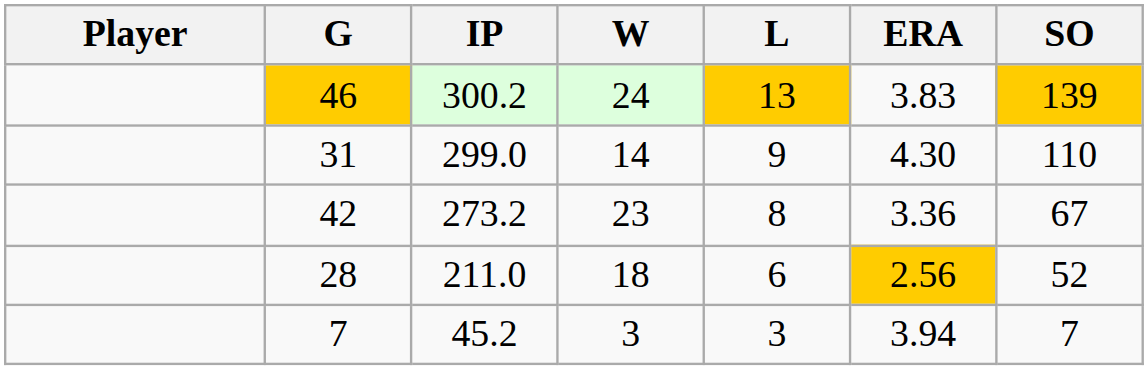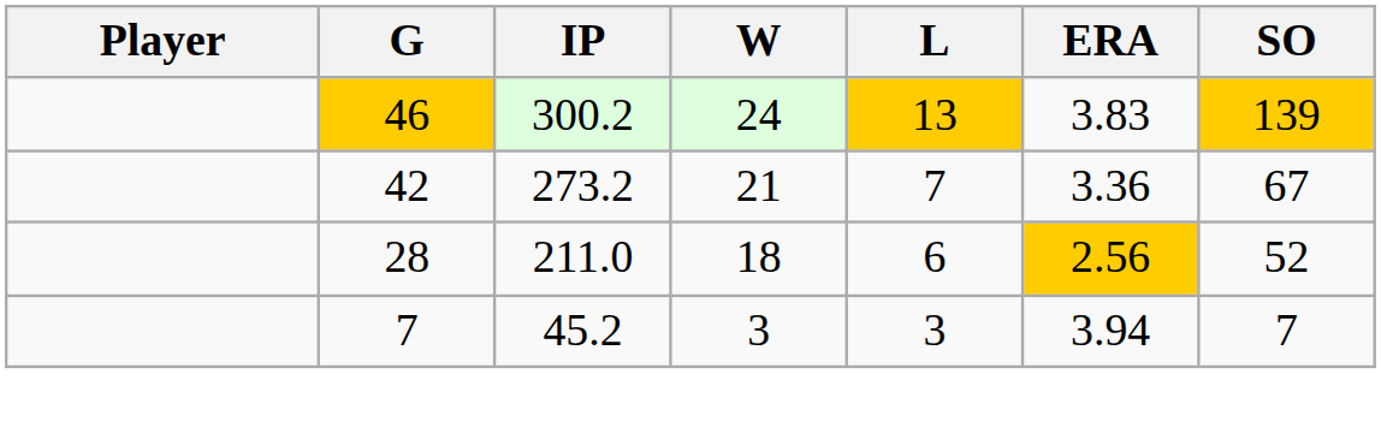 <table class="wikitable sortable">
 <tr>
 <th bgcolor="#DDDDFF" width="16%">Player</th>
 <th bgcolor="#DDDDFF" width="9%">G</th>
 <th bgcolor="#DDDDFF" width="9%">IP</th>
 <th bgcolor="#DDDDFF" width="9%">W</th>
 <th bgcolor="#DDDDFF" width="9%">L</th>
 <th bgcolor="#DDDDFF" width="9%">ERA</th>
 <th bgcolor="#DDDDFF" width="9%">SO</th>
 </tr>
 <tr align="center">
 <td></td>
 <td style="background:#fc0;">46</td>
 <td style="background:#DDFFDD;">300.2</td>
 <td style="background:#DDFFDD;">24</td>
 <td style="background:#fc0;">13</td>
 <td>3.83</td>
 <td style="background:#fc0;">139</td>
 </tr>
-<tr align="center">
-<td></td>
-<td>31</td>
-<td>299.0</td>
-<td>14</td>
-<td>9</td>
-<td>4.30</td>
-<td>110</td>
-</tr>
 <tr align=center>
 <td></td>
 <td>42</td>
 <td>273.2</td>
-<td>23</td>
-<td>8</td>
+<td>21</td>
+<td>7</td>
 <td>3.36</td>
 <td>67</td>
 </tr>
 <tr align="center">
 <td></td>
 <td>28</td>
 <td>211.0</td>
 <td>18</td>
 <td>6</td>
 <td style="background:#fc0;">2.56</td>
 <td>52</td>
 </tr>
 <tr align="center">
 <td></td>
 <td>7</td>
 <td>45.2</td>
 <td>3</td>
 <td>3</td>
 <td>3.94</td>
 <td>7</td>
 </tr>
 </table>
